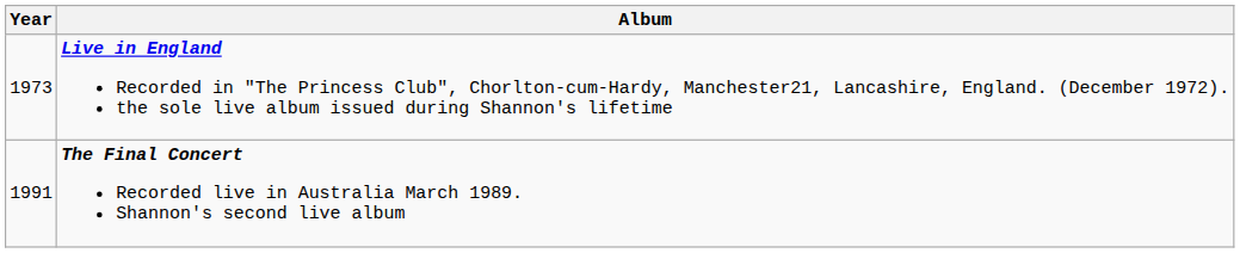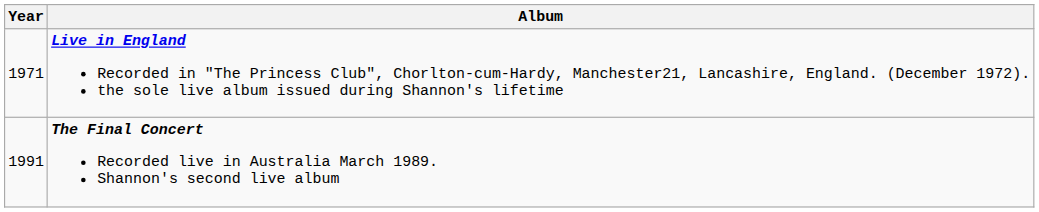 <table class="wikitable">
 <tr>
 <th>Year</th>
 <th>Album</th>
 </tr>
 <tr>
-<td>1973</td>
+<td>1971</td>
 <td><strong><em><a href='#'>Live in England</a></em></strong><br><ul><li>Recorded in "The Princess Club", Chorlton-cum-Hardy, Manchester21, Lancashire, England. (December 1972).</li><li>the sole live album issued during Shannon's lifetime</li></ul></td>
 </tr>
 <tr>
 <td>1991</td>
 <td><strong><em>The Final Concert</em></strong><br><ul><li>Recorded live in Australia March 1989.</li><li>Shannon's second live album</li></ul></td>
 </tr>
 </table>
